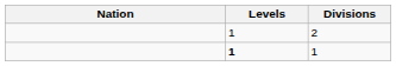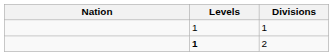 <table class="wikitable">
 <tr>
 <th width=40%>Nation</th>
 <th width=15%>Levels</th>
 <th width=15%>Divisions</th>
 </tr>
 <tr>
 <td></td>
 <td>1</td>
-<td>2</td>
+<td>1</td>
 </tr>
 <tr>
 <td></td>
 <td><strong>1</strong></td>
-<td>1</td>
+<td>2</td>
 </tr>
 </table>
